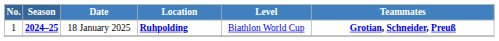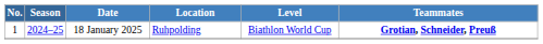 <table class="wikitable sortable" style="font-size:90%; text-align:center; border:grey solid 1px; border-collapse:collapse; background:#ffffff;">
 <tr style="background:#efefef;">
 <th style="background-color:#369; color:white;">No.</th>
 <th style="background-color:#369; color:white;">Season</th>
 <th style="background-color:#4180be; color:white; width:110px;">Date</th>
 <th style="background-color:#4180be; color:white; width:120px;">Location</th>
 <th style="background-color:#4180be; color:white; width:130px;">Level</th>
 <th style="background-color:#4180be; color:white; width:270px;">Teammates</th>
 </tr>
 <tr>
 <td>1</td>
-<td><strong><a href='#'>2024–25</a></strong></td>
+<td><a href='#'>2024–25</a></td>
 <td>18 January 2025</td>
-<td align=left><strong> <a href='#'>Ruhpolding</a></strong></td>
+<td align=left> <a href='#'>Ruhpolding</a></td>
 <td><a href='#'>Biathlon World Cup</a></td>
 <td><strong><a href='#'>Grotian</a>, <a href='#'>Schneider</a>, <a href='#'>Preuß</a></strong></td>
 </tr>
 <tr>
 </tr>
 </table>
